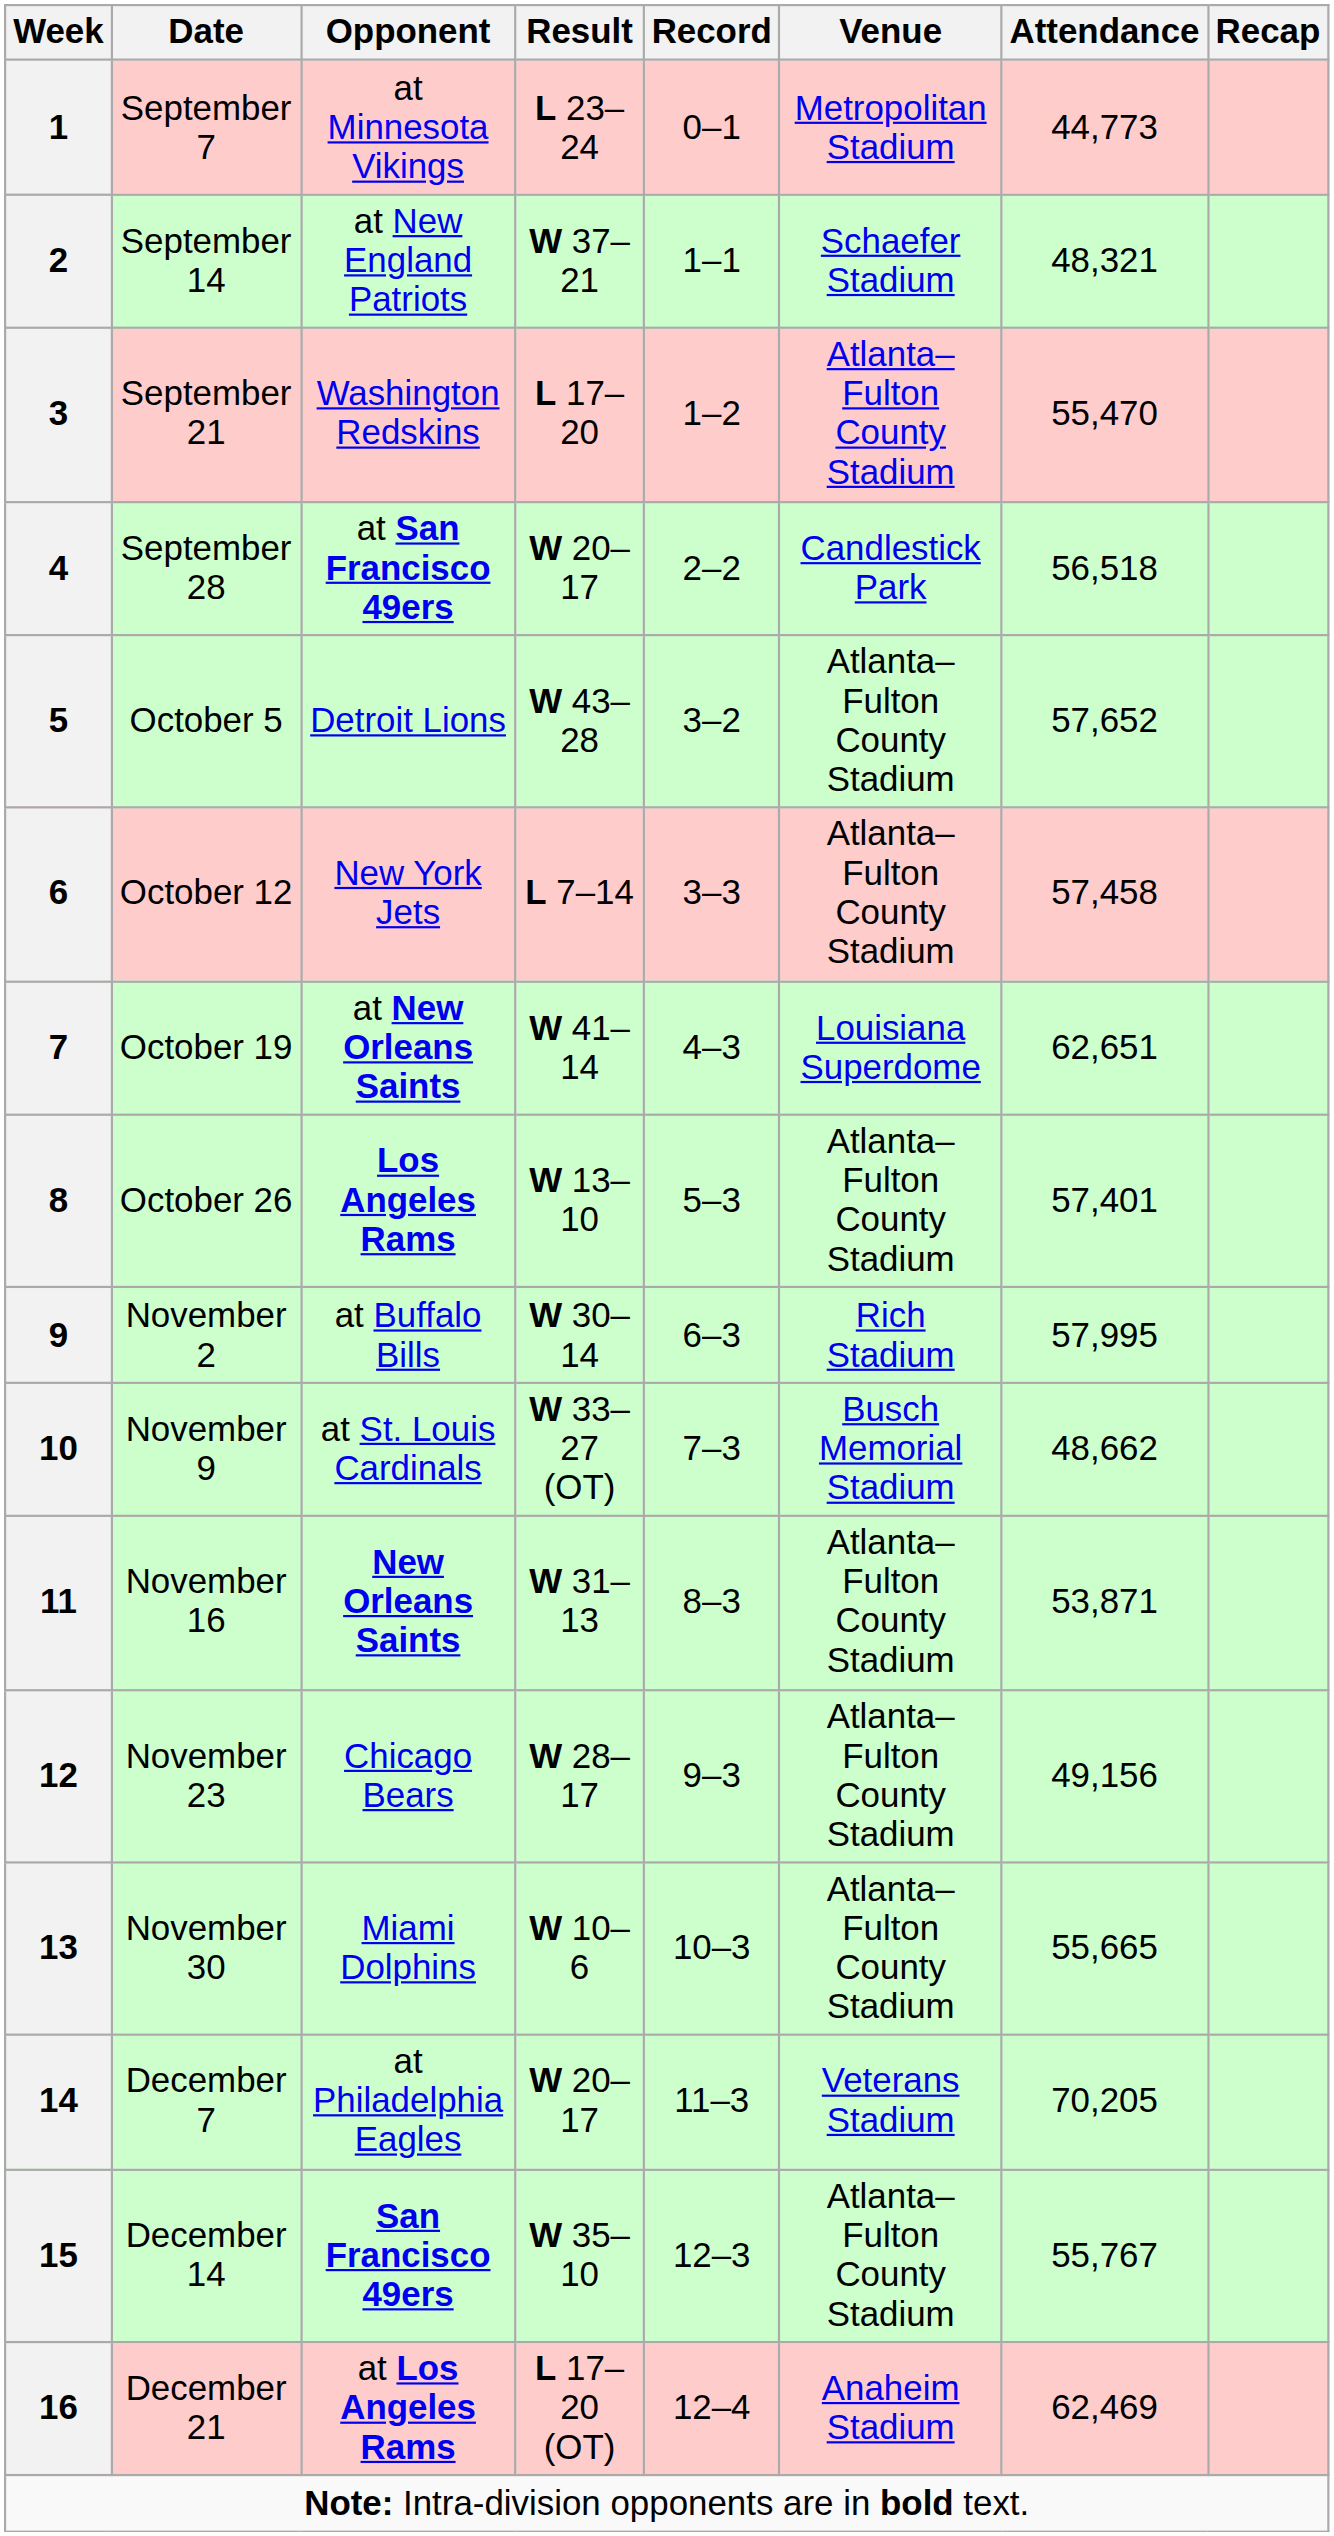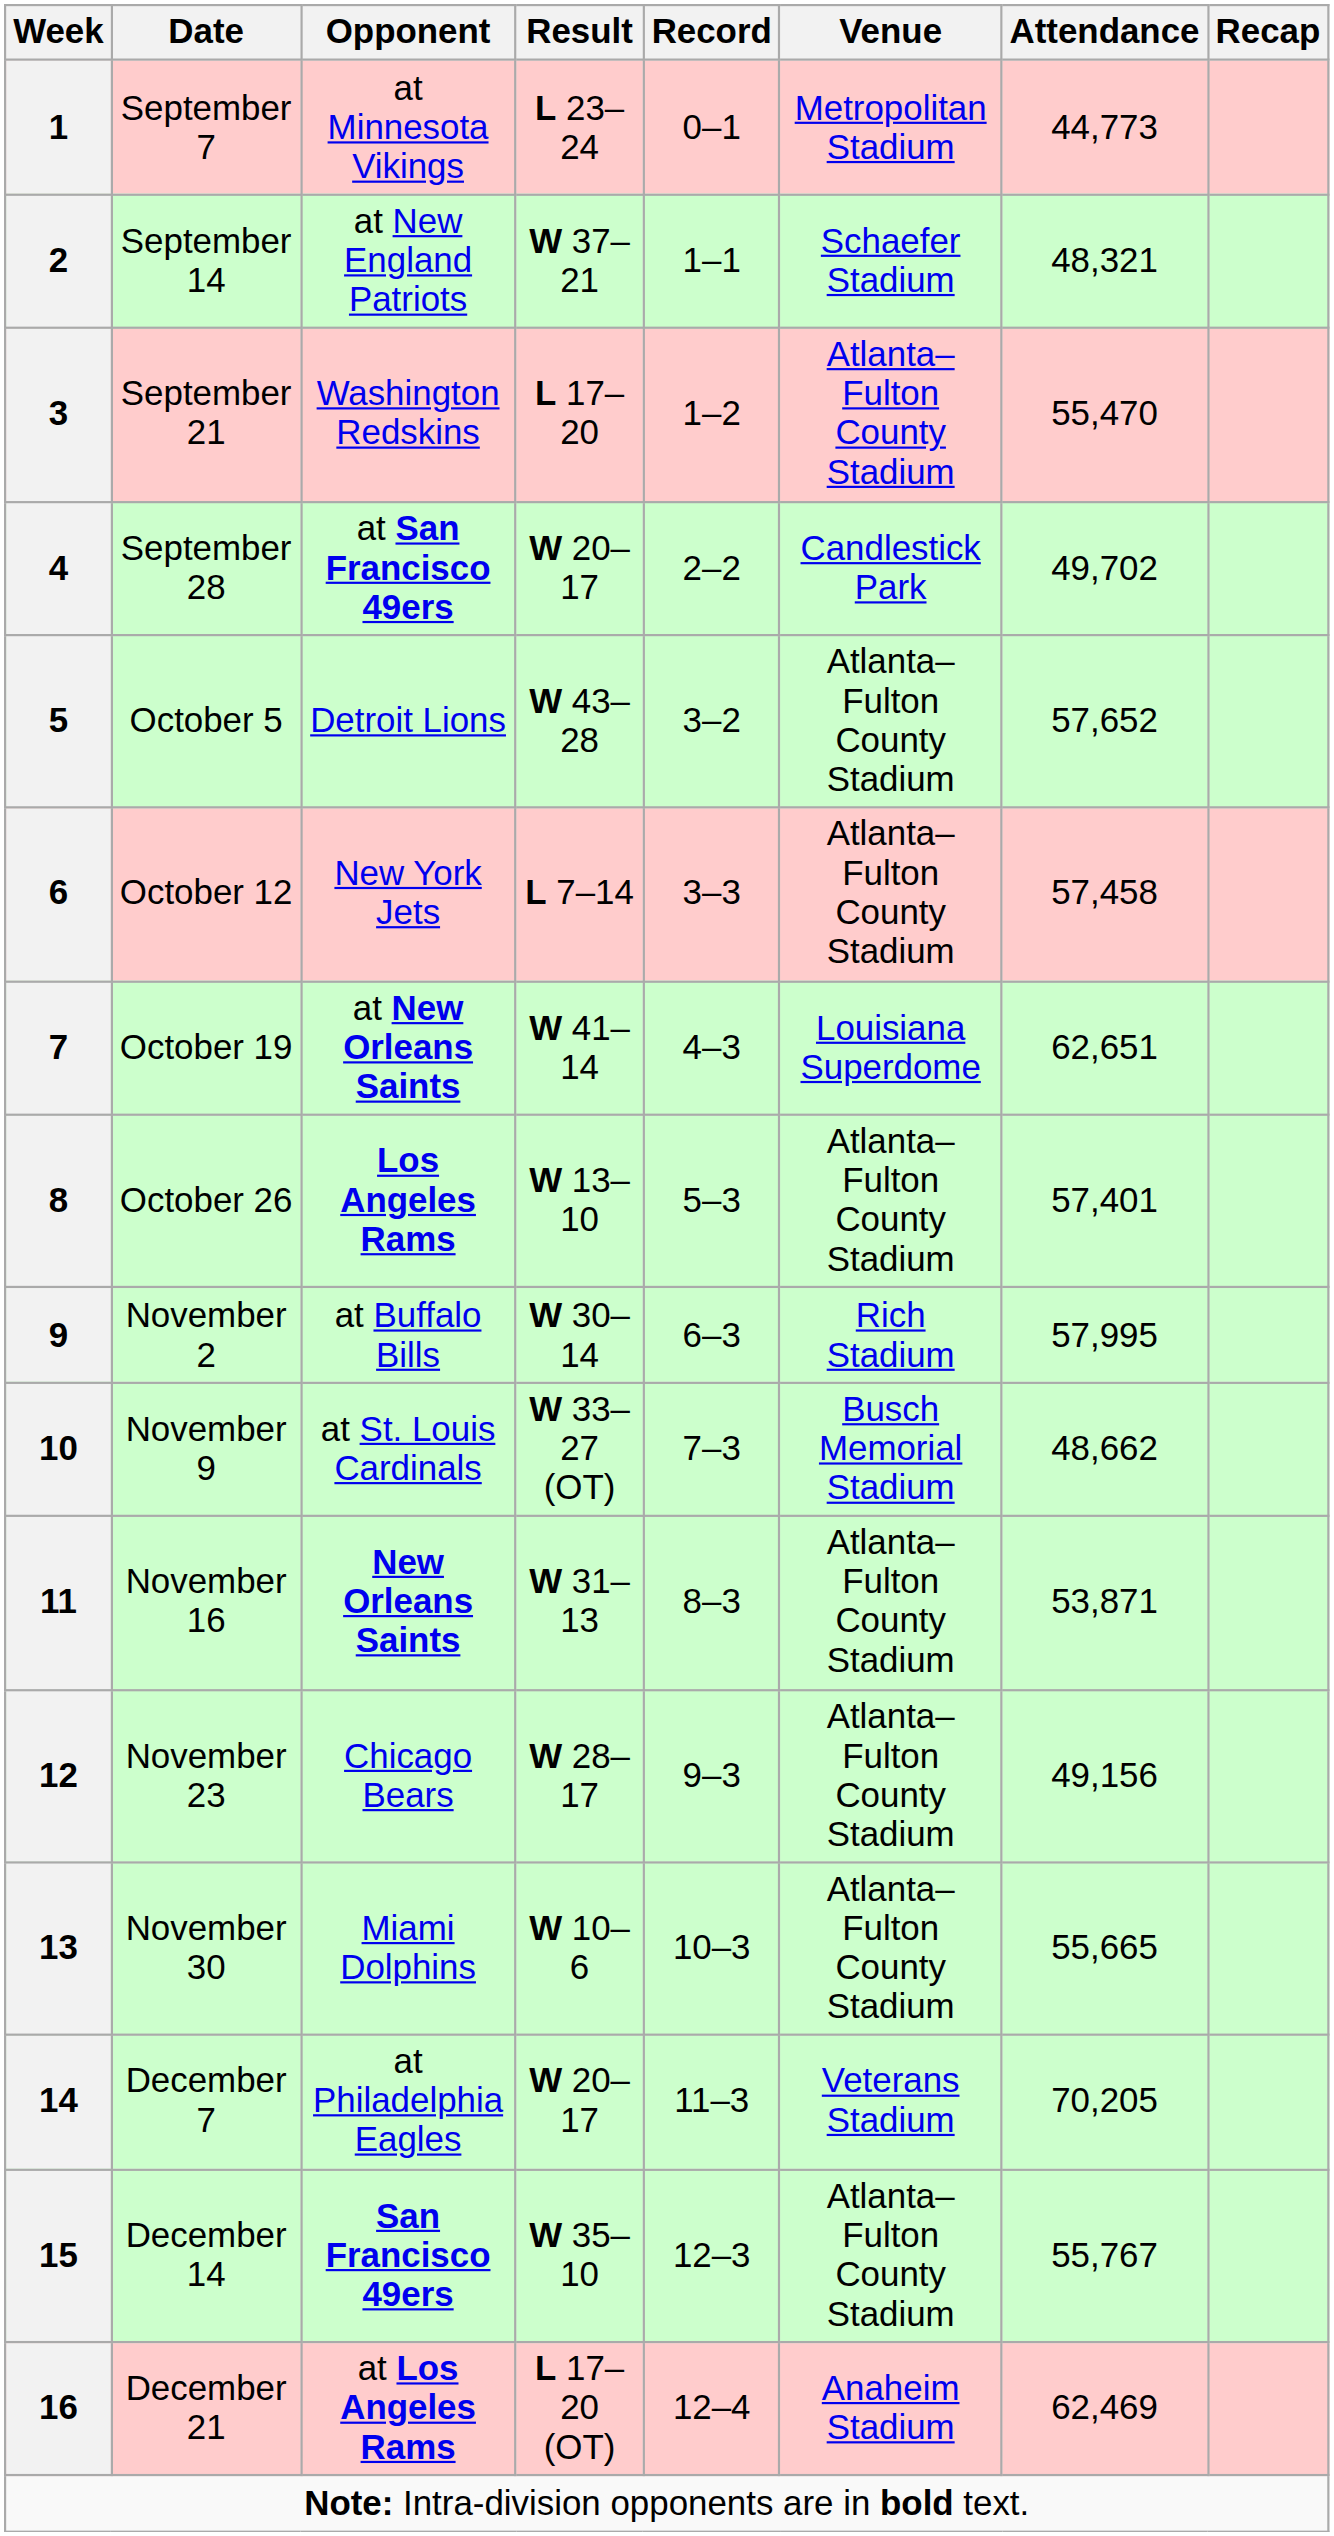 <table class="wikitable" style="text-align:center">
 <tr>
 <th>Week</th>
 <th>Date</th>
 <th>Opponent</th>
 <th>Result</th>
 <th>Record</th>
 <th>Venue</th>
 <th>Attendance</th>
 <th>Recap</th>
 </tr>
 <tr style="background:#fcc">
 <th>1</th>
 <td>September 7</td>
 <td>at <a href='#'>Minnesota Vikings</a></td>
 <td><strong>L</strong> 23–24</td>
 <td>0–1</td>
 <td><a href='#'>Metropolitan Stadium</a></td>
 <td>44,773</td>
 <td></td>
 </tr>
 <tr style="background:#cfc">
 <th>2</th>
 <td>September 14</td>
 <td>at <a href='#'>New England Patriots</a></td>
 <td><strong>W</strong> 37–21</td>
 <td>1–1</td>
 <td><a href='#'>Schaefer Stadium</a></td>
 <td>48,321</td>
 <td></td>
 </tr>
 <tr style="background:#fcc">
 <th>3</th>
 <td>September 21</td>
 <td><a href='#'>Washington Redskins</a></td>
 <td><strong>L</strong> 17–20</td>
 <td>1–2</td>
 <td><a href='#'>Atlanta–Fulton County Stadium</a></td>
 <td>55,470</td>
 <td></td>
 </tr>
 <tr style="background:#cfc">
 <th>4</th>
 <td>September 28</td>
 <td>at <strong><a href='#'>San Francisco 49ers</a></strong></td>
 <td><strong>W</strong> 20–17</td>
 <td>2–2</td>
 <td><a href='#'>Candlestick Park</a></td>
-<td>56,518</td>
+<td>49,702</td>
 <td></td>
 </tr>
 <tr style="background:#cfc">
 <th>5</th>
 <td>October 5</td>
 <td><a href='#'>Detroit Lions</a></td>
 <td><strong>W</strong> 43–28</td>
 <td>3–2</td>
 <td>Atlanta–Fulton County Stadium</td>
 <td>57,652</td>
 <td></td>
 </tr>
 <tr style="background:#fcc">
 <th>6</th>
 <td>October 12</td>
 <td><a href='#'>New York Jets</a></td>
 <td><strong>L</strong> 7–14</td>
 <td>3–3</td>
 <td>Atlanta–Fulton County Stadium</td>
 <td>57,458</td>
 <td></td>
 </tr>
 <tr style="background:#cfc">
 <th>7</th>
 <td>October 19</td>
 <td>at <strong><a href='#'>New Orleans Saints</a></strong></td>
 <td><strong>W</strong> 41–14</td>
 <td>4–3</td>
 <td><a href='#'>Louisiana Superdome</a></td>
 <td>62,651</td>
 <td></td>
 </tr>
 <tr style="background:#cfc">
 <th>8</th>
 <td>October 26</td>
 <td><strong><a href='#'>Los Angeles Rams</a></strong></td>
 <td><strong>W</strong> 13–10</td>
 <td>5–3</td>
 <td>Atlanta–Fulton County Stadium</td>
 <td>57,401</td>
 <td></td>
 </tr>
 <tr style="background:#cfc">
 <th>9</th>
 <td>November 2</td>
 <td>at <a href='#'>Buffalo Bills</a></td>
 <td><strong>W</strong> 30–14</td>
 <td>6–3</td>
 <td><a href='#'>Rich Stadium</a></td>
 <td>57,995</td>
 <td></td>
 </tr>
 <tr style="background:#cfc">
 <th>10</th>
 <td>November 9</td>
 <td>at <a href='#'>St. Louis Cardinals</a></td>
 <td><strong>W</strong> 33–27 (OT)</td>
 <td>7–3</td>
 <td><a href='#'>Busch Memorial Stadium</a></td>
 <td>48,662</td>
 <td></td>
 </tr>
 <tr style="background:#cfc">
 <th>11</th>
 <td>November 16</td>
 <td><strong><a href='#'>New Orleans Saints</a></strong></td>
 <td><strong>W</strong> 31–13</td>
 <td>8–3</td>
 <td>Atlanta–Fulton County Stadium</td>
 <td>53,871</td>
 <td></td>
 </tr>
 <tr style="background:#cfc">
 <th>12</th>
 <td>November 23</td>
 <td><a href='#'>Chicago Bears</a></td>
 <td><strong>W</strong> 28–17</td>
 <td>9–3</td>
 <td>Atlanta–Fulton County Stadium</td>
 <td>49,156</td>
 <td></td>
 </tr>
 <tr style="background:#cfc">
 <th>13</th>
 <td>November 30</td>
 <td><a href='#'>Miami Dolphins</a></td>
 <td><strong>W</strong> 10–6</td>
 <td>10–3</td>
 <td>Atlanta–Fulton County Stadium</td>
 <td>55,665</td>
 <td></td>
 </tr>
 <tr style="background:#cfc">
 <th>14</th>
 <td>December 7</td>
 <td>at <a href='#'>Philadelphia Eagles</a></td>
 <td><strong>W</strong> 20–17</td>
 <td>11–3</td>
 <td><a href='#'>Veterans Stadium</a></td>
 <td>70,205</td>
 <td></td>
 </tr>
 <tr style="background:#cfc">
 <th>15</th>
 <td>December 14</td>
 <td><strong><a href='#'>San Francisco 49ers</a></strong></td>
 <td><strong>W</strong> 35–10</td>
 <td>12–3</td>
 <td>Atlanta–Fulton County Stadium</td>
 <td>55,767</td>
 <td></td>
 </tr>
 <tr style="background:#fcc">
 <th>16</th>
 <td>December 21</td>
 <td>at <strong><a href='#'>Los Angeles Rams</a></strong></td>
 <td><strong>L</strong> 17–20 (OT)</td>
 <td>12–4</td>
 <td><a href='#'>Anaheim Stadium</a></td>
 <td>62,469</td>
 <td></td>
 </tr>
 <tr>
 <td colspan="8"><strong>Note:</strong> Intra-division opponents are in <strong>bold</strong> text.</td>
 </tr>
 </table>
